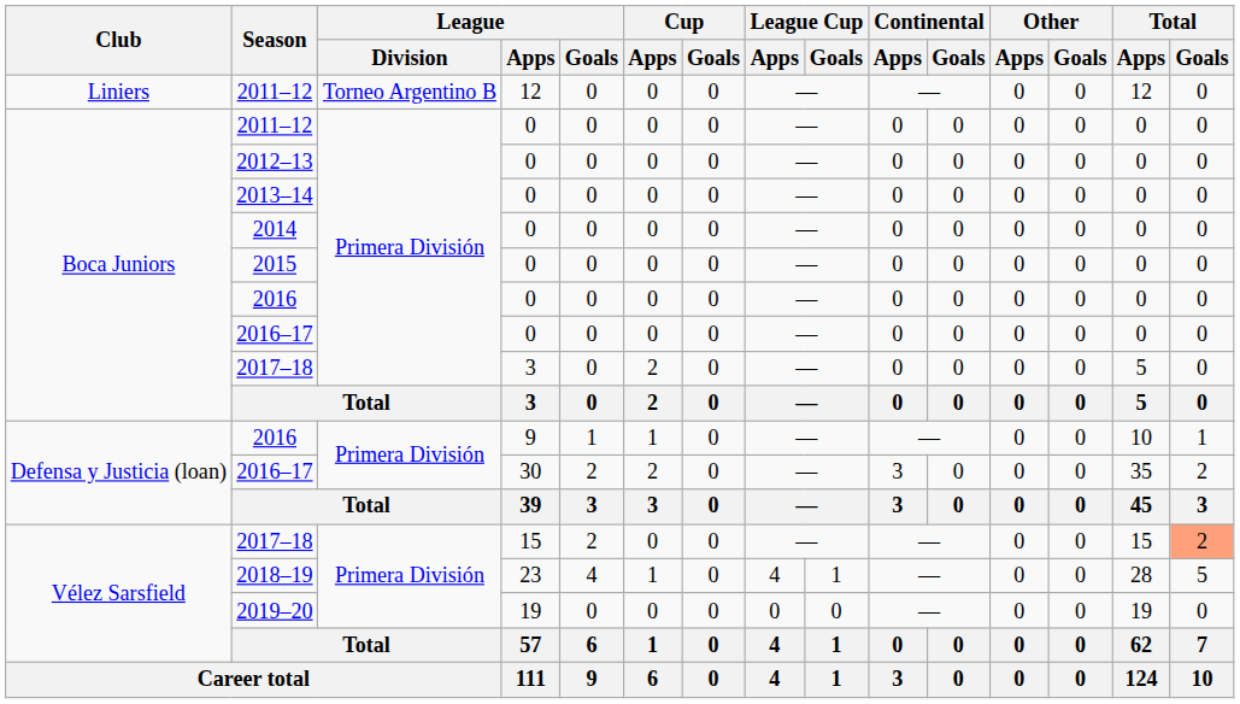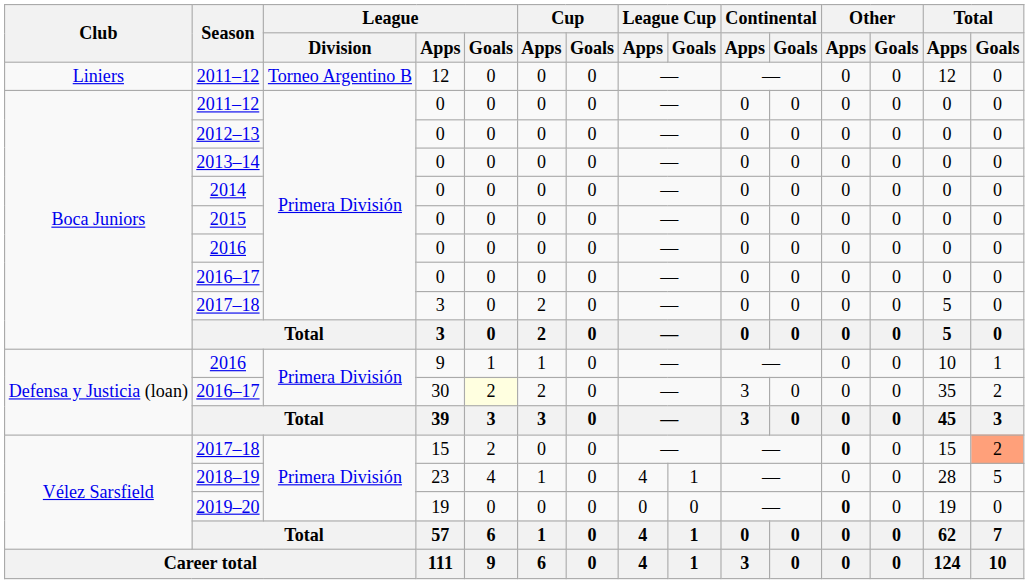 <table class="wikitable" style="text-align:center">
 <tr>
 <th rowspan="2">Club</th>
 <th rowspan="2">Season</th>
 <th colspan="3">League</th>
 <th colspan="2">Cup</th>
 <th colspan="2">League Cup</th>
 <th colspan="2">Continental</th>
 <th colspan="2">Other</th>
 <th colspan="2">Total</th>
 </tr>
 <tr>
 <th>Division</th>
 <th>Apps</th>
 <th>Goals</th>
 <th>Apps</th>
 <th>Goals</th>
 <th>Apps</th>
 <th>Goals</th>
 <th>Apps</th>
 <th>Goals</th>
 <th>Apps</th>
 <th>Goals</th>
 <th>Apps</th>
 <th>Goals</th>
 </tr>
 <tr>
 <td rowspan="1"><a href='#'>Liniers</a></td>
 <td><a href='#'>2011–12</a></td>
 <td rowspan="1"><a href='#'>Torneo Argentino B</a></td>
 <td>12</td>
 <td>0</td>
 <td>0</td>
 <td>0</td>
 <td colspan="2">—</td>
 <td colspan="2">—</td>
 <td>0</td>
 <td>0</td>
 <td>12</td>
 <td>0</td>
 </tr>
 <tr>
 <td rowspan="9"><a href='#'>Boca Juniors</a></td>
 <td><a href='#'>2011–12</a></td>
 <td rowspan="8"><a href='#'>Primera División</a></td>
 <td>0</td>
 <td>0</td>
 <td>0</td>
 <td>0</td>
 <td colspan="2">—</td>
 <td>0</td>
 <td>0</td>
 <td>0</td>
 <td>0</td>
 <td>0</td>
 <td>0</td>
 </tr>
 <tr>
 <td><a href='#'>2012–13</a></td>
 <td>0</td>
 <td>0</td>
 <td>0</td>
 <td>0</td>
 <td colspan="2">—</td>
 <td>0</td>
 <td>0</td>
 <td>0</td>
 <td>0</td>
 <td>0</td>
 <td>0</td>
 </tr>
 <tr>
 <td><a href='#'>2013–14</a></td>
 <td>0</td>
 <td>0</td>
 <td>0</td>
 <td>0</td>
 <td colspan="2">—</td>
 <td>0</td>
 <td>0</td>
 <td>0</td>
 <td>0</td>
 <td>0</td>
 <td>0</td>
 </tr>
 <tr>
 <td><a href='#'>2014</a></td>
 <td>0</td>
 <td>0</td>
 <td>0</td>
 <td>0</td>
 <td colspan="2">—</td>
 <td>0</td>
 <td>0</td>
 <td>0</td>
 <td>0</td>
 <td>0</td>
 <td>0</td>
 </tr>
 <tr>
 <td><a href='#'>2015</a></td>
 <td>0</td>
 <td>0</td>
 <td>0</td>
 <td>0</td>
 <td colspan="2">—</td>
 <td>0</td>
 <td>0</td>
 <td>0</td>
 <td>0</td>
 <td>0</td>
 <td>0</td>
 </tr>
 <tr>
 <td><a href='#'>2016</a></td>
 <td>0</td>
 <td>0</td>
 <td>0</td>
 <td>0</td>
 <td colspan="2">—</td>
 <td>0</td>
 <td>0</td>
 <td>0</td>
 <td>0</td>
 <td>0</td>
 <td>0</td>
 </tr>
 <tr>
 <td><a href='#'>2016–17</a></td>
 <td>0</td>
 <td>0</td>
 <td>0</td>
 <td>0</td>
 <td colspan="2">—</td>
 <td>0</td>
 <td>0</td>
 <td>0</td>
 <td>0</td>
 <td>0</td>
 <td>0</td>
 </tr>
 <tr>
 <td><a href='#'>2017–18</a></td>
 <td>3</td>
 <td>0</td>
 <td>2</td>
 <td>0</td>
 <td colspan="2">—</td>
 <td>0</td>
 <td>0</td>
 <td>0</td>
 <td>0</td>
 <td>5</td>
 <td>0</td>
 </tr>
 <tr>
 <th colspan="2">Total</th>
 <th>3</th>
 <th>0</th>
 <th>2</th>
 <th>0</th>
 <th colspan="2">—</th>
 <th>0</th>
 <th>0</th>
 <th>0</th>
 <th>0</th>
 <th>5</th>
 <th>0</th>
 </tr>
 <tr>
 <td rowspan="3"><a href='#'>Defensa y Justicia</a> (loan)</td>
 <td><a href='#'>2016</a></td>
 <td rowspan="2"><a href='#'>Primera División</a></td>
 <td>9</td>
 <td>1</td>
 <td>1</td>
 <td>0</td>
 <td colspan="2">—</td>
 <td colspan="2">—</td>
 <td>0</td>
 <td>0</td>
 <td>10</td>
 <td>1</td>
 </tr>
 <tr>
 <td><a href='#'>2016–17</a></td>
 <td>30</td>
-<td>2</td>
+<td style="background: lightyellow;">2</td>
 <td>2</td>
 <td>0</td>
 <td colspan="2">—</td>
 <td>3</td>
 <td>0</td>
 <td>0</td>
 <td>0</td>
 <td>35</td>
 <td>2</td>
 </tr>
 <tr>
 <th colspan="2">Total</th>
 <th>39</th>
 <th>3</th>
 <th>3</th>
 <th>0</th>
 <th colspan="2">—</th>
 <th>3</th>
 <th>0</th>
 <th>0</th>
 <th>0</th>
 <th>45</th>
 <th>3</th>
 </tr>
 <tr>
 <td rowspan="4"><a href='#'>Vélez Sarsfield</a></td>
 <td><a href='#'>2017–18</a></td>
 <td rowspan="3"><a href='#'>Primera División</a></td>
 <td>15</td>
 <td>2</td>
 <td>0</td>
 <td>0</td>
 <td colspan="2">—</td>
 <td colspan="2">—</td>
-<td>0</td>
+<td><strong>0</strong></td>
 <td>0</td>
 <td>15</td>
 <td style="background: lightsalmon;">2</td>
 </tr>
 <tr>
 <td><a href='#'>2018–19</a></td>
 <td>23</td>
 <td>4</td>
 <td>1</td>
 <td>0</td>
 <td>4</td>
 <td>1</td>
 <td colspan="2">—</td>
 <td>0</td>
 <td>0</td>
 <td>28</td>
 <td>5</td>
 </tr>
 <tr>
 <td><a href='#'>2019–20</a></td>
 <td>19</td>
 <td>0</td>
 <td>0</td>
 <td>0</td>
 <td>0</td>
 <td>0</td>
 <td colspan="2">—</td>
-<td>0</td>
+<td><strong>0</strong></td>
 <td>0</td>
 <td>19</td>
 <td>0</td>
 </tr>
 <tr>
 <th colspan="2">Total</th>
 <th>57</th>
 <th>6</th>
 <th>1</th>
 <th>0</th>
 <th>4</th>
 <th>1</th>
 <th>0</th>
 <th>0</th>
 <th>0</th>
 <th>0</th>
 <th>62</th>
 <th>7</th>
 </tr>
 <tr>
 <th colspan="3">Career total</th>
 <th>111</th>
 <th>9</th>
 <th>6</th>
 <th>0</th>
 <th>4</th>
 <th>1</th>
 <th>3</th>
 <th>0</th>
 <th>0</th>
 <th>0</th>
 <th>124</th>
 <th>10</th>
 </tr>
 </table>
